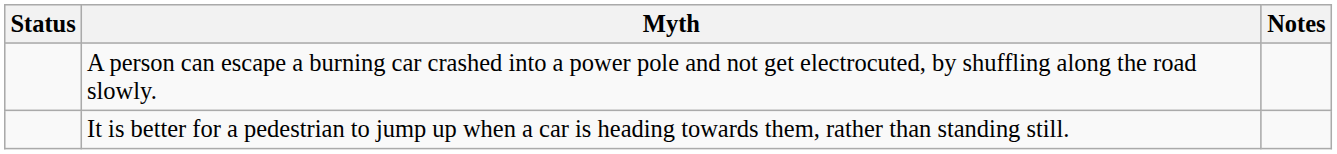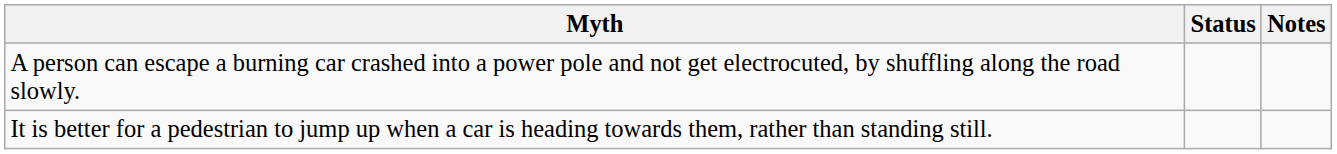 <table class="wikitable">
 <tr>
+<th>Myth</th>
 <th>Status</th>
-<th>Myth</th>
 <th>Notes</th>
 </tr>
 <tr>
+<td>A person can escape a burning car crashed into a power pole and not get electrocuted, by shuffling along the road slowly.</td>
 <td></td>
-<td>A person can escape a burning car crashed into a power pole and not get electrocuted, by shuffling along the road slowly.</td>
 <td></td>
 </tr>
 <tr>
+<td>It is better for a pedestrian to jump up when a car is heading towards them, rather than standing still.</td>
 <td></td>
-<td>It is better for a pedestrian to jump up when a car is heading towards them, rather than standing still.</td>
 <td></td>
 </tr>
 </table>
